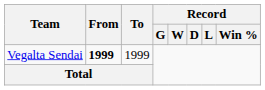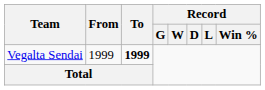 <table class="wikitable" style="text-align: center">
 <tr>
 <th rowspan="2">Team</th>
 <th rowspan="2">From</th>
 <th rowspan="2">To</th>
 <th colspan="5">Record</th>
 </tr>
 <tr>
 <th>G</th>
 <th>W</th>
 <th>D</th>
 <th>L</th>
 <th>Win %</th>
 </tr>
 <tr>
 <td align="left"><a href='#'>Vegalta Sendai</a></td>
-<td align="left"><strong>1999</strong></td>
-<td align="left">1999<br></td>
+<td align="left">1999</td>
+<td align="left"><strong>1999<br></strong></td>
 </tr>
 <tr>
 <th colspan="3">Total<br></th>
 </tr>
 </table>
